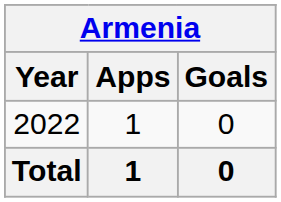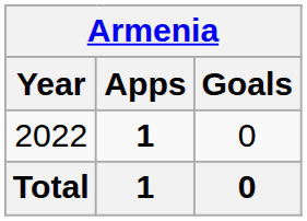 <table class="wikitable" style="text-align:center">
 <tr>
 <th colspan=3><a href='#'>Armenia</a></th>
 </tr>
 <tr>
 <th>Year</th>
 <th>Apps</th>
 <th>Goals</th>
 </tr>
 <tr>
 <td>2022</td>
-<td>1</td>
+<td><strong>1</strong></td>
 <td>0</td>
 </tr>
 <tr>
 <th>Total</th>
 <th>1</th>
 <th>0</th>
 </tr>
 </table>
